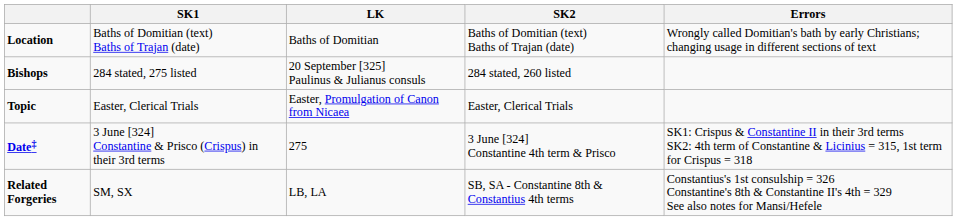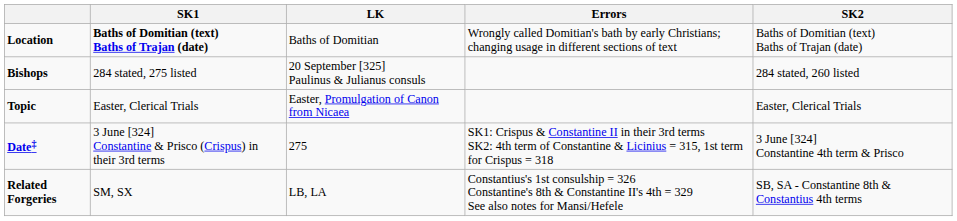 <table class="wikitable">
 <tr>
 <th></th>
 <th><strong>SK1</strong></th>
 <th><strong>LK</strong></th>
+<th><strong>Errors</strong></th>
 <th><strong>SK2</strong></th>
-<th><strong>Errors</strong></th>
 </tr>
 <tr>
 <td><strong>Location</strong></td>
-<td>Baths of Domitian (text)<br><a href='#'>Baths of Trajan</a> (date)</td>
+<td><strong>Baths of Domitian (text)<br><a href='#'>Baths of Trajan</a> (date)</strong></td>
 <td>Baths of Domitian</td>
+<td>Wrongly called Domitian's bath by early Christians;<br>changing usage in different sections of text</td>
 <td>Baths of Domitian (text)<br>Baths of Trajan (date)</td>
-<td>Wrongly called Domitian's bath by early Christians;<br>changing usage in different sections of text</td>
 </tr>
 <tr>
 <td><strong>Bishops</strong></td>
 <td>284 stated, 275 listed</td>
 <td>20 September [325]<br>Paulinus & Julianus consuls</td>
+<td></td>
 <td>284 stated, 260 listed</td>
-<td></td>
 </tr>
 <tr>
 <td><strong>Topic</strong></td>
 <td>Easter, Clerical Trials</td>
 <td>Easter, <a href='#'>Promulgation of Canon from Nicaea</a></td>
+<td></td>
 <td>Easter, Clerical Trials</td>
-<td></td>
 </tr>
 <tr>
 <td><strong><a href='#'>Date<sup>‡</sup></a></strong></td>
 <td>3 June [324]<br><a href='#'>Constantine</a> & Prisco (<a href='#'>Crispus</a>) in their 3rd terms</td>
 <td>275</td>
+<td>SK1: Crispus & <a href='#'>Constantine II</a> in their 3rd terms<br>SK2: 4th term of Constantine & <a href='#'>Licinius</a> = 315, 1st term for Crispus = 318</td>
 <td>3 June [324]<br>Constantine 4th term & Prisco</td>
-<td>SK1: Crispus & <a href='#'>Constantine II</a> in their 3rd terms<br>SK2: 4th term of Constantine & <a href='#'>Licinius</a> = 315, 1st term for Crispus = 318</td>
 </tr>
 <tr>
 <td><strong>Related Forgeries</strong></td>
 <td>SM, SX</td>
 <td>LB, LA</td>
+<td>Constantius's 1st consulship = 326<br>Constantine's 8th & Constantine II's 4th = 329<br>See also notes for Mansi/Hefele</td>
 <td>SB, SA - Constantine 8th & <a href='#'>Constantius</a> 4th terms</td>
-<td>Constantius's 1st consulship = 326<br>Constantine's 8th & Constantine II's 4th = 329<br>See also notes for Mansi/Hefele</td>
 </tr>
 </table>
